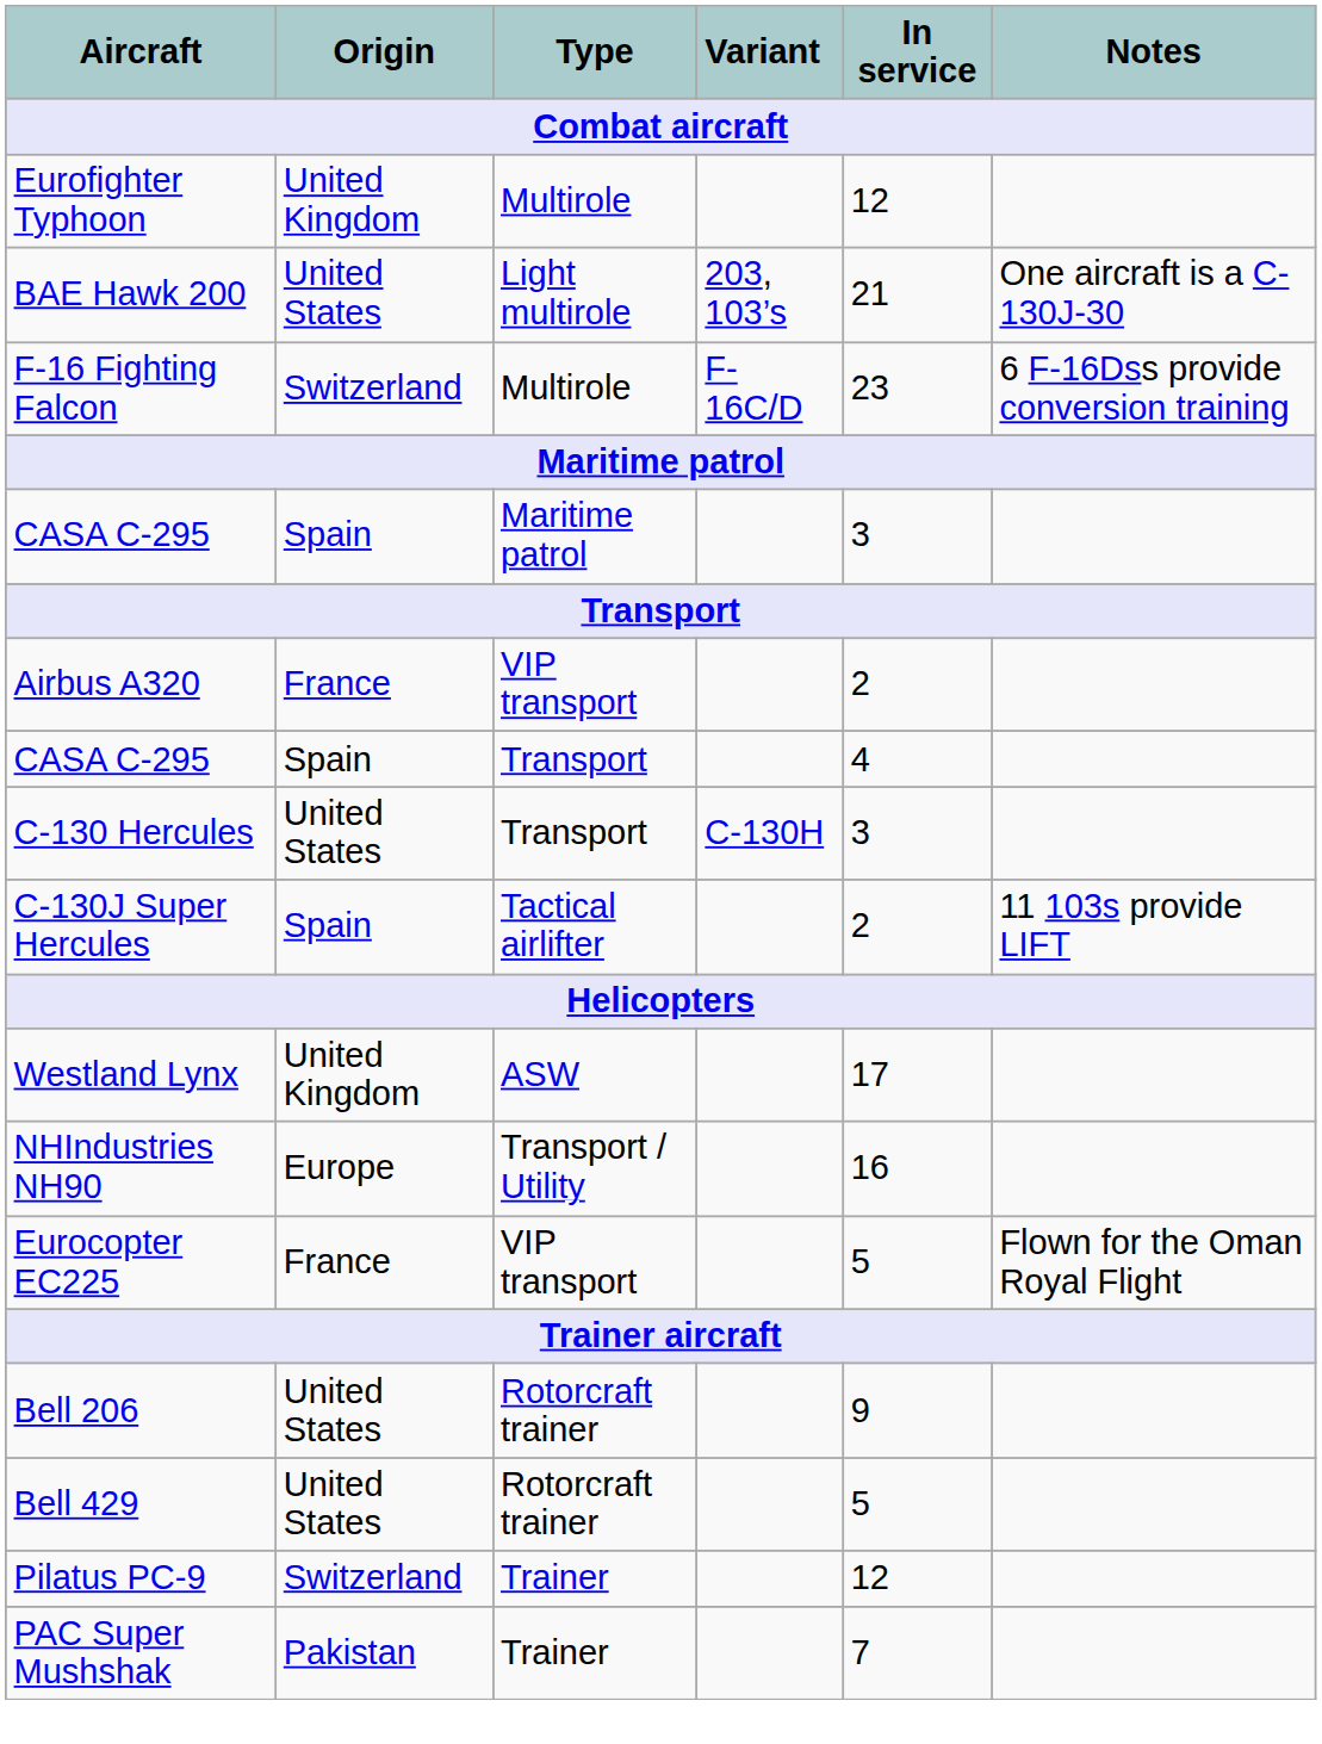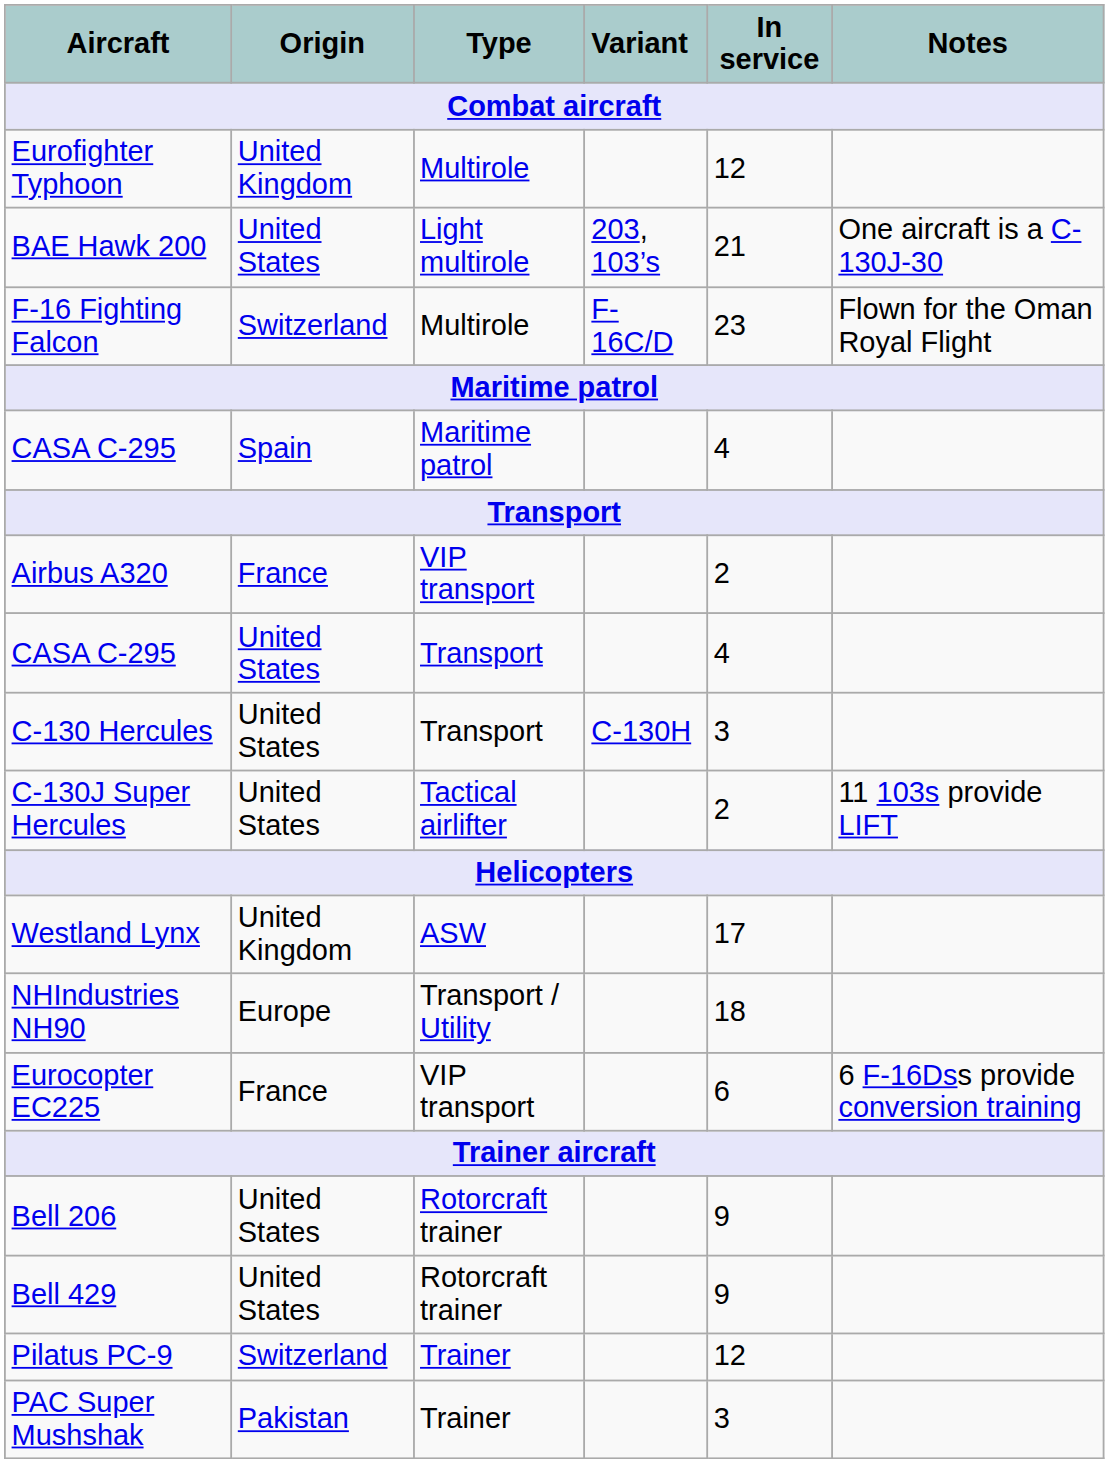 <table class="wikitable">
 <tr>
 <th style="text-align:center; background:#acc;">Aircraft</th>
 <th style="text-align: center; background:#acc;">Origin</th>
 <th style="text-align:l center; background:#acc;">Type</th>
 <th style="text-align:left; background:#acc;">Variant</th>
 <th style="text-align:center; background:#acc;">In service</th>
 <th style="text-align: center; background:#acc;">Notes</th>
 </tr>
 <tr>
 <th style="align: center; background: lavender;" colspan="7"><a href='#'>Combat aircraft</a></th>
 </tr>
 <tr>
 <td><a href='#'>Eurofighter Typhoon</a></td>
 <td><a href='#'>United Kingdom</a></td>
 <td><a href='#'>Multirole</a></td>
 <td></td>
 <td>12</td>
 <td></td>
 </tr>
 <tr>
 <td><a href='#'>BAE Hawk 200</a></td>
 <td><a href='#'>United States</a></td>
 <td><a href='#'>Light multirole</a></td>
 <td><a href='#'>203</a>, <a href='#'>103’s</a></td>
 <td>21</td>
 <td>One aircraft is a <a href='#'>C-130J-30</a></td>
 </tr>
 <tr>
 <td><a href='#'>F-16 Fighting Falcon</a></td>
 <td><a href='#'>Switzerland</a></td>
 <td>Multirole</td>
 <td><a href='#'>F-16C/D</a></td>
 <td>23</td>
-<td>6 <a href='#'>F-16Ds</a>s provide <a href='#'>conversion training</a></td>
+<td>Flown for the Oman Royal Flight</td>
 </tr>
 <tr>
 <th style="align: center; background: lavender;" colspan="7"><a href='#'>Maritime patrol</a></th>
 </tr>
 <tr>
 <td><a href='#'>CASA C-295</a></td>
 <td><a href='#'>Spain</a></td>
 <td><a href='#'>Maritime patrol</a></td>
 <td></td>
-<td>3</td>
+<td>4</td>
 <td></td>
 </tr>
 <tr>
 <th style="align: center; background: lavender;" colspan="7"><a href='#'>Transport</a></th>
 </tr>
 <tr>
 <td><a href='#'>Airbus A320</a></td>
 <td><a href='#'>France</a></td>
 <td><a href='#'>VIP transport</a></td>
 <td></td>
 <td>2</td>
 <td></td>
 </tr>
 <tr>
 <td><a href='#'>CASA C-295</a></td>
-<td>Spain</td>
+<td><a href='#'>United States</a></td>
 <td><a href='#'>Transport</a></td>
 <td></td>
 <td>4</td>
 <td></td>
 </tr>
 <tr>
 <td><a href='#'>C-130 Hercules</a></td>
 <td>United States</td>
 <td>Transport</td>
 <td><a href='#'>C-130H</a></td>
 <td>3</td>
 <td></td>
 </tr>
 <tr>
 <td><a href='#'>C-130J Super Hercules</a></td>
-<td><a href='#'>Spain</a></td>
+<td>United States</td>
 <td><a href='#'>Tactical airlifter</a></td>
 <td></td>
 <td>2</td>
 <td>11 <a href='#'>103s</a> provide <a href='#'>LIFT</a></td>
 </tr>
 <tr>
 <th style="align: center; background: lavender;" colspan="7"><a href='#'>Helicopters</a></th>
 </tr>
 <tr>
 <td><a href='#'>Westland Lynx</a></td>
 <td>United Kingdom</td>
 <td><a href='#'>ASW</a></td>
 <td></td>
 <td>17</td>
 <td></td>
 </tr>
 <tr>
 <td><a href='#'>NHIndustries NH90</a></td>
 <td>Europe</td>
 <td>Transport / <a href='#'>Utility</a></td>
 <td></td>
-<td>16</td>
+<td>18</td>
 <td></td>
 </tr>
 <tr>
 <td><a href='#'>Eurocopter EC225</a></td>
 <td>France</td>
 <td>VIP transport</td>
 <td></td>
-<td>5</td>
-<td>Flown for the Oman Royal Flight</td>
+<td>6</td>
+<td>6 <a href='#'>F-16Ds</a>s provide <a href='#'>conversion training</a></td>
 </tr>
 <tr>
 <th style="align: center; background: lavender;" colspan="7"><a href='#'>Trainer aircraft</a></th>
 </tr>
 <tr>
 <td><a href='#'>Bell 206</a></td>
 <td>United States</td>
 <td><a href='#'>Rotorcraft</a> trainer</td>
 <td></td>
 <td>9</td>
 <td></td>
 </tr>
 <tr>
 <td><a href='#'>Bell 429</a></td>
 <td>United States</td>
 <td>Rotorcraft trainer</td>
 <td></td>
-<td>5</td>
+<td>9</td>
 <td></td>
 </tr>
 <tr>
 <td><a href='#'>Pilatus PC-9</a></td>
 <td><a href='#'>Switzerland</a></td>
 <td><a href='#'>Trainer</a></td>
 <td></td>
 <td>12</td>
 <td></td>
 </tr>
 <tr>
 <td><a href='#'>PAC Super Mushshak</a></td>
 <td><a href='#'>Pakistan</a></td>
 <td>Trainer</td>
 <td></td>
-<td>7</td>
+<td>3</td>
 <td></td>
 </tr>
 </table>
